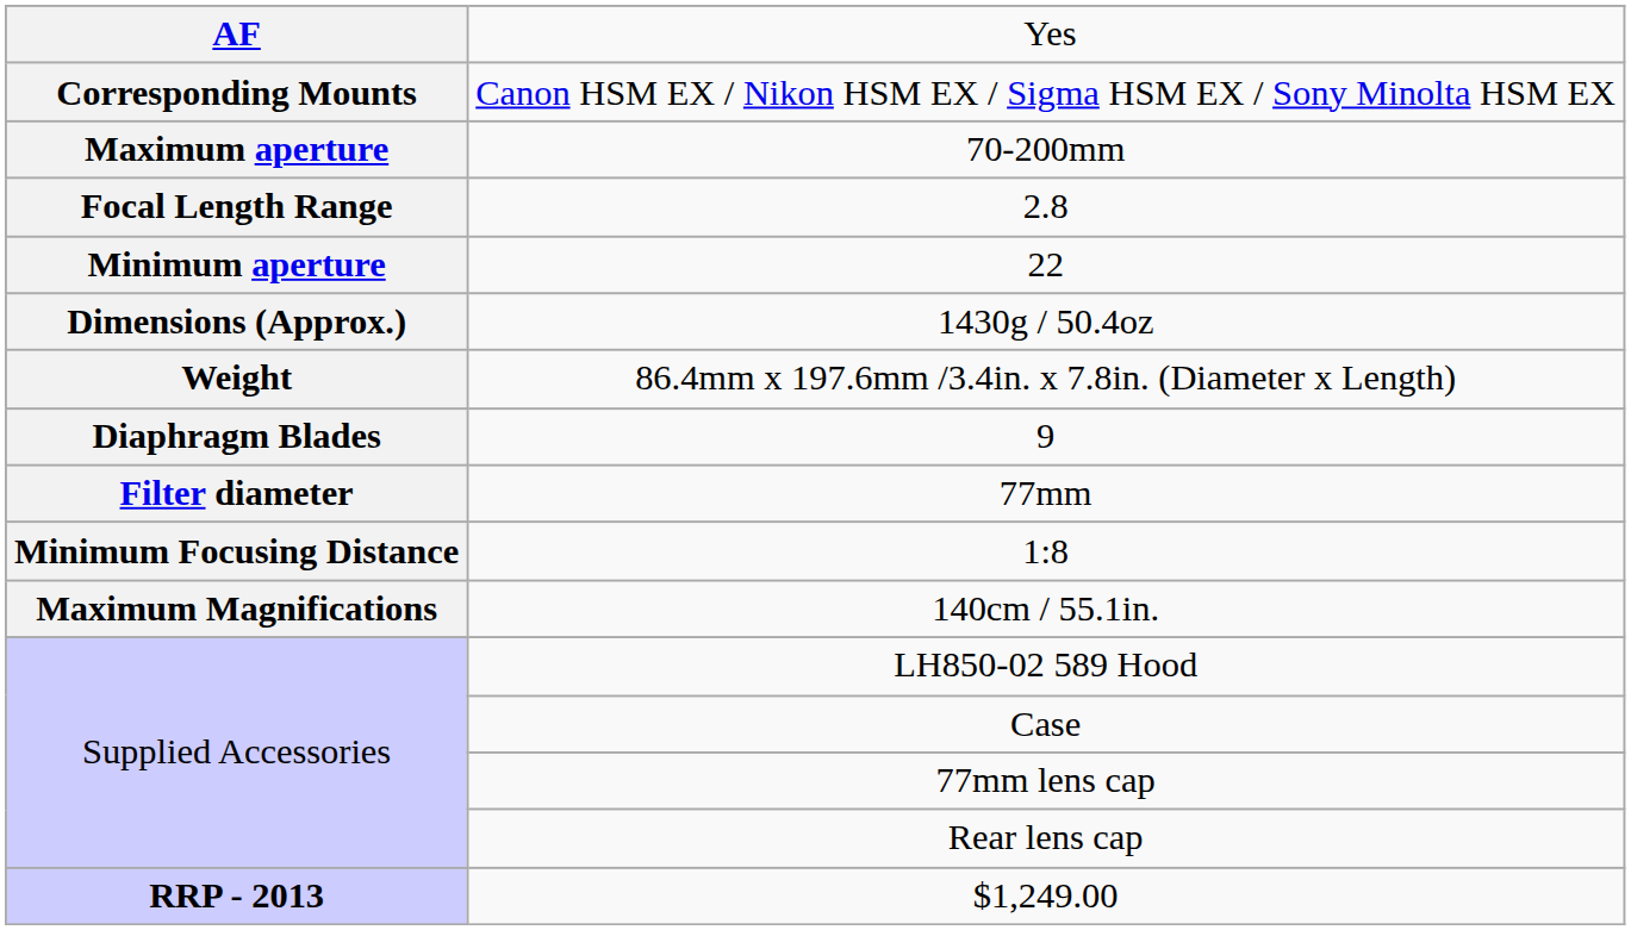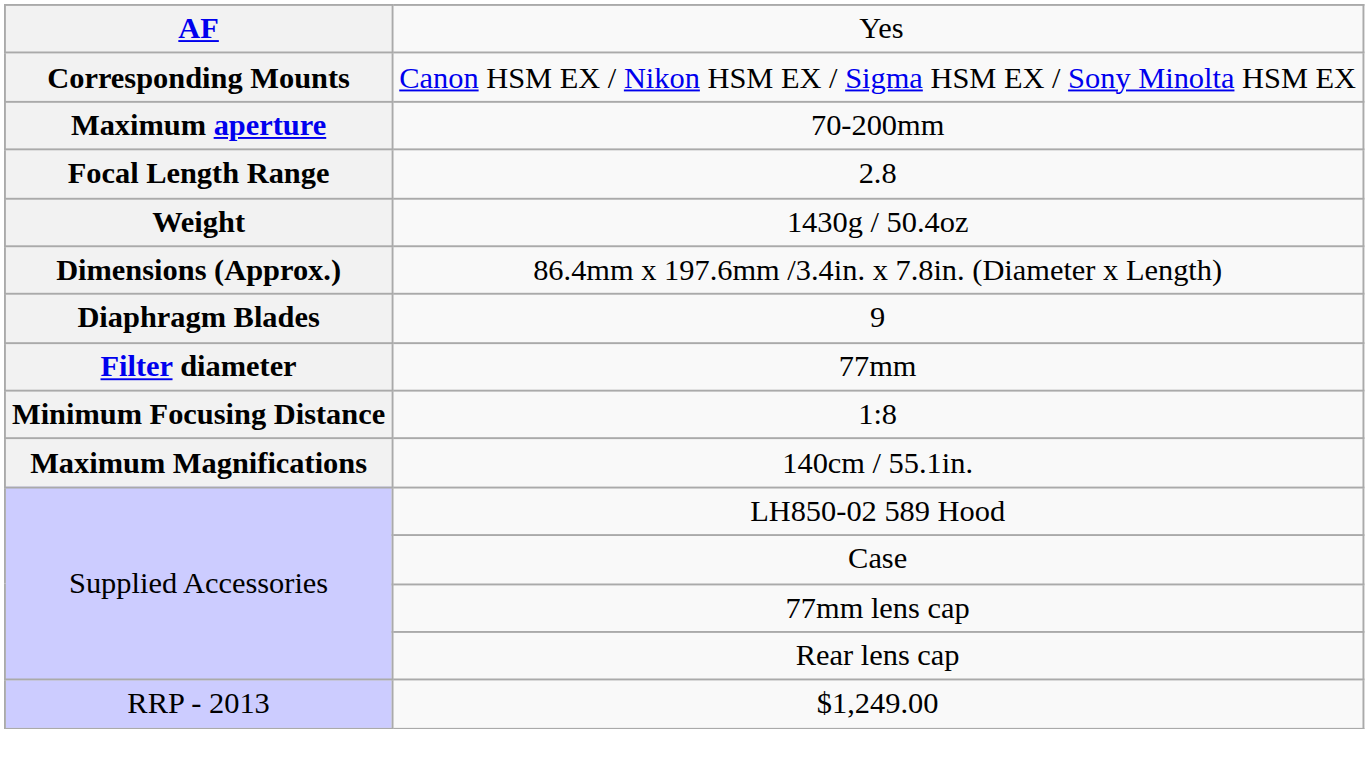 <table class="wikitable">
 <tr>
 <th bgcolor="#CCCCFF" align="center"><a href='#'>AF</a></th>
 <td align="center" colspan="1"> Yes</td>
 </tr>
 <tr>
 <th bgcolor="#CCCCFF" align="center">Corresponding Mounts</th>
 <td align="center" colspan="1"><a href='#'>Canon</a> HSM EX / <a href='#'>Nikon</a> HSM EX / <a href='#'>Sigma</a> HSM EX / <a href='#'>Sony Minolta</a> HSM EX</td>
 </tr>
 <tr>
 <th bgcolor="#CCCCFF" align="center">Maximum <a href='#'>aperture</a></th>
 <td align="center" colspan="1">70-200mm</td>
 </tr>
 <tr>
 <th bgcolor="#CCCCFF" align="center">Focal Length Range</th>
 <td align="center" colspan="1">2.8</td>
 </tr>
 <tr>
-<th bgcolor="#CCCCFF" align="center">Minimum <a href='#'>aperture</a></th>
-<td align="center" colspan="1">22</td>
+<th bgcolor="#CCCCFF" align="center">Weight</th>
+<td align="center">1430g / 50.4oz</td>
 </tr>
 <tr>
 <th bgcolor="#CCCCFF" align="center">Dimensions (Approx.)</th>
-<td align="center">1430g / 50.4oz</td>
-</tr>
-<tr>
-<th bgcolor="#CCCCFF" align="center">Weight</th>
 <td align="center">86.4mm x 197.6mm /3.4in. x 7.8in. (Diameter x Length)</td>
 </tr>
 <tr>
 <th bgcolor="#CCCCFF" align="center">Diaphragm Blades</th>
 <td align="center">9</td>
 </tr>
 <tr>
 <th bgcolor="#CCCCFF" align="center"><a href='#'>Filter</a> diameter</th>
 <td align="center">77mm</td>
 </tr>
 <tr>
 <th bgcolor="#CCCCFF" align="center">Minimum Focusing Distance</th>
 <td align="center">1:8</td>
 </tr>
 <tr>
 <th bgcolor="#CCCCFF" align="center">Maximum Magnifications</th>
 <td align="center">140cm / 55.1in.</td>
 </tr>
 <tr>
 <td bgcolor="#CCCCFF" align="center" rowspan="4">Supplied Accessories</td>
 <td align="center">LH850-02 589  Hood</td>
 </tr>
 <tr>
 <td align="center">Case</td>
 </tr>
 <tr>
 <td align="center">77mm lens cap</td>
 </tr>
 <tr>
 <td align="center">Rear lens cap</td>
 </tr>
 <tr>
-<td bgcolor="#CCCCFF" align="center"><strong>RRP - 2013</strong></td>
+<td bgcolor="#CCCCFF" align="center">RRP - 2013</td>
 <td align="center">$1,249.00</td>
 </tr>
 </table>
